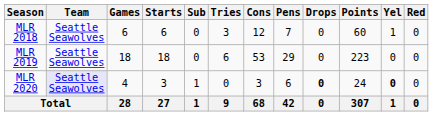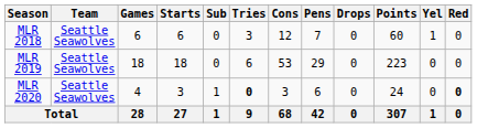 <table class="wikitable" style="text-align:center; line-height:100%; font-size:100%; width:70%;">
 <tr>
 <th>Season</th>
 <th>Team</th>
 <th>Games</th>
 <th>Starts</th>
 <th>Sub</th>
 <th>Tries</th>
 <th>Cons</th>
 <th>Pens</th>
 <th>Drops</th>
 <th>Points</th>
 <th>Yel</th>
 <th>Red</th>
 </tr>
 <tr>
 <td><a href='#'>MLR 2018</a></td>
 <td><a href='#'>Seattle Seawolves</a></td>
 <td>6</td>
 <td>6</td>
 <td>0</td>
 <td>3</td>
 <td>12</td>
 <td>7</td>
 <td>0</td>
 <td>60</td>
 <td>1</td>
 <td>0</td>
 </tr>
 <tr>
 <td><a href='#'>MLR 2019</a></td>
 <td><a href='#'>Seattle Seawolves</a></td>
 <td>18</td>
 <td>18</td>
 <td>0</td>
 <td>6</td>
 <td>53</td>
 <td>29</td>
 <td>0</td>
 <td>223</td>
 <td>0</td>
 <td>0</td>
 </tr>
 <tr>
 <td><a href='#'>MLR 2020</a></td>
-<td style="background: lavender;"><a href='#'>Seattle Seawolves</a></td>
+<td><a href='#'>Seattle Seawolves</a></td>
 <td>4</td>
 <td>3</td>
 <td>1</td>
-<td>0</td>
+<td><strong>0</strong></td>
 <td>3</td>
 <td>6</td>
+<td>0</td>
+<td>24</td>
+<td>0</td>
 <td><strong>0</strong></td>
-<td>24</td>
-<td><strong>0</strong></td>
-<td>0</td>
 </tr>
 <tr>
 <th colspan="2">Total</th>
 <th>28</th>
 <th>27</th>
 <th>1</th>
 <th>9</th>
 <th>68</th>
 <th>42</th>
 <th>0</th>
 <th>307</th>
 <th>1</th>
 <th>0</th>
 </tr>
 </table>
